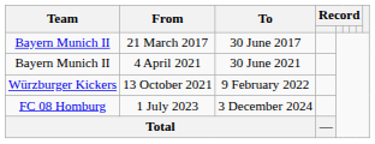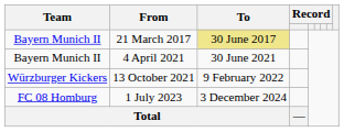 <table class="wikitable" style="text-align: center">
 <tr>
 <th rowspan="2">Team</th>
 <th rowspan="2">From</th>
 <th rowspan="2">To</th>
 <th colspan="5">Record</th>
 <th rowspan="2"></th>
 </tr>
 <tr>
 <th></th>
 <th></th>
 <th></th>
 <th></th>
 <th></th>
 </tr>
 <tr>
 <td><a href='#'>Bayern Munich II</a></td>
 <td>21 March 2017</td>
-<td>30 June 2017<br></td>
+<td style="background: khaki;">30 June 2017<br></td>
 <td></td>
 </tr>
 <tr>
 <td>Bayern Munich II</td>
 <td>4 April 2021</td>
 <td>30 June 2021<br></td>
 <td></td>
 </tr>
 <tr>
 <td><a href='#'>Würzburger Kickers</a></td>
 <td>13 October 2021</td>
 <td>9 February 2022<br></td>
 <td></td>
 </tr>
 <tr>
 <td><a href='#'>FC 08 Homburg</a></td>
 <td>1 July 2023</td>
 <td>3 December 2024<br></td>
 <td></td>
 </tr>
 <tr>
 <th colspan="3">Total<br></th>
 <th>—</th>
 </tr>
 </table>
